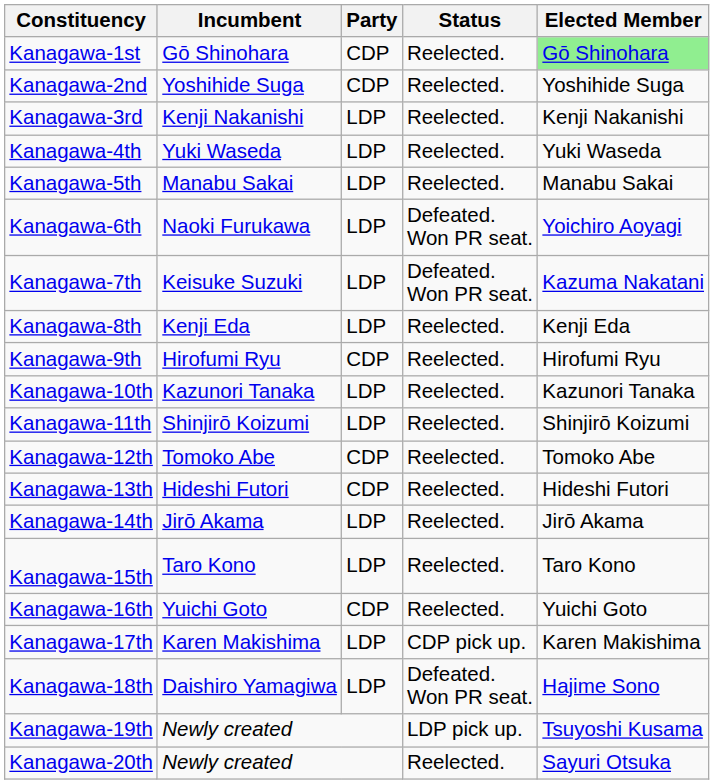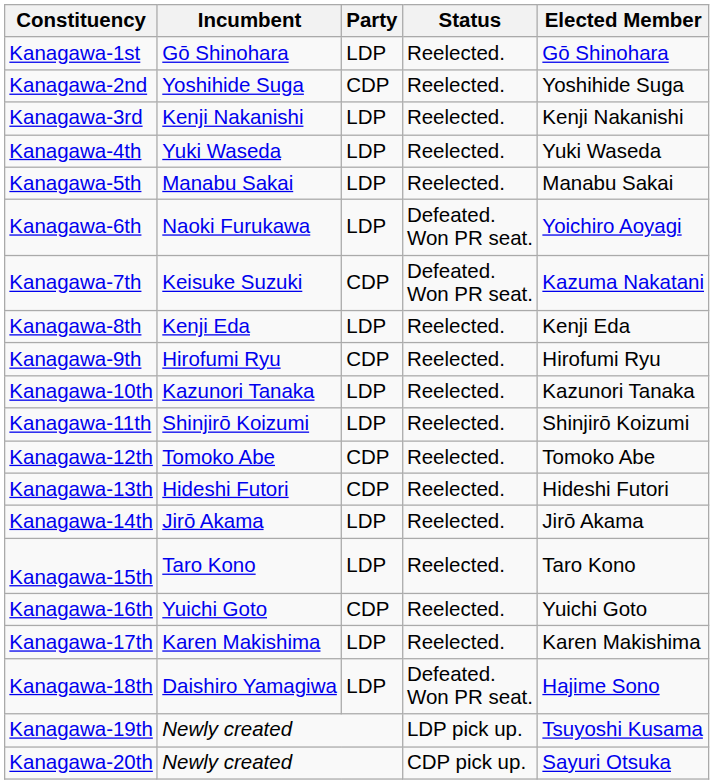 <table class="wikitable">
 <tr>
 <th>Constituency</th>
 <th>Incumbent</th>
 <th>Party</th>
 <th>Status</th>
 <th>Elected Member</th>
 </tr>
 <tr>
 <td><a href='#'>Kanagawa-1st</a></td>
 <td><a href='#'>Gō Shinohara</a></td>
-<td>CDP</td>
+<td>LDP</td>
 <td>Reelected.</td>
-<td style="background: lightgreen;"><a href='#'>Gō Shinohara</a></td>
+<td><a href='#'>Gō Shinohara</a></td>
 </tr>
 <tr>
 <td><a href='#'>Kanagawa-2nd</a></td>
 <td><a href='#'>Yoshihide Suga</a></td>
 <td>CDP</td>
 <td>Reelected.</td>
 <td>Yoshihide Suga</td>
 </tr>
 <tr>
 <td><a href='#'>Kanagawa-3rd</a></td>
 <td><a href='#'>Kenji Nakanishi</a></td>
 <td>LDP</td>
 <td>Reelected.</td>
 <td>Kenji Nakanishi</td>
 </tr>
 <tr>
 <td><a href='#'>Kanagawa-4th</a></td>
 <td><a href='#'>Yuki Waseda</a></td>
 <td>LDP</td>
 <td>Reelected.</td>
 <td>Yuki Waseda</td>
 </tr>
 <tr>
 <td><a href='#'>Kanagawa-5th</a></td>
 <td><a href='#'>Manabu Sakai</a></td>
 <td>LDP</td>
 <td>Reelected.</td>
 <td>Manabu Sakai</td>
 </tr>
 <tr>
 <td><a href='#'>Kanagawa-6th</a></td>
 <td><a href='#'>Naoki Furukawa</a></td>
 <td>LDP</td>
 <td>Defeated.<br>Won PR seat.</td>
 <td><a href='#'>Yoichiro Aoyagi</a></td>
 </tr>
 <tr>
 <td><a href='#'>Kanagawa-7th</a></td>
 <td><a href='#'>Keisuke Suzuki</a></td>
-<td>LDP</td>
+<td>CDP</td>
 <td>Defeated.<br>Won PR seat.</td>
 <td><a href='#'>Kazuma Nakatani</a></td>
 </tr>
 <tr>
 <td><a href='#'>Kanagawa-8th</a></td>
 <td><a href='#'>Kenji Eda</a></td>
 <td>LDP</td>
 <td>Reelected.</td>
 <td>Kenji Eda</td>
 </tr>
 <tr>
 <td><a href='#'>Kanagawa-9th</a></td>
 <td><a href='#'>Hirofumi Ryu</a></td>
 <td>CDP</td>
 <td>Reelected.</td>
 <td>Hirofumi Ryu</td>
 </tr>
 <tr>
 <td><a href='#'>Kanagawa-10th</a></td>
 <td><a href='#'>Kazunori Tanaka</a></td>
 <td>LDP</td>
 <td>Reelected.</td>
 <td>Kazunori Tanaka</td>
 </tr>
 <tr>
 <td><a href='#'>Kanagawa-11th</a></td>
 <td><a href='#'>Shinjirō Koizumi</a></td>
 <td>LDP</td>
 <td>Reelected.</td>
 <td>Shinjirō Koizumi</td>
 </tr>
 <tr>
 <td><a href='#'>Kanagawa-12th</a></td>
 <td><a href='#'>Tomoko Abe</a></td>
 <td>CDP</td>
 <td>Reelected.</td>
 <td>Tomoko Abe</td>
 </tr>
 <tr>
 <td><a href='#'>Kanagawa-13th</a></td>
 <td><a href='#'>Hideshi Futori</a></td>
 <td>CDP</td>
 <td>Reelected.</td>
 <td>Hideshi Futori</td>
 </tr>
 <tr>
 <td><a href='#'>Kanagawa-14th</a></td>
 <td><a href='#'>Jirō Akama</a></td>
 <td>LDP</td>
 <td>Reelected.</td>
 <td>Jirō Akama</td>
 </tr>
 <tr>
 <td><br><a href='#'>Kanagawa-15th</a></td>
 <td><a href='#'>Taro Kono</a></td>
 <td>LDP</td>
 <td>Reelected.</td>
 <td>Taro Kono</td>
 </tr>
 <tr>
 <td><a href='#'>Kanagawa-16th</a></td>
 <td><a href='#'>Yuichi Goto</a></td>
 <td>CDP</td>
 <td>Reelected.</td>
 <td>Yuichi Goto</td>
 </tr>
 <tr>
 <td><a href='#'>Kanagawa-17th</a></td>
 <td><a href='#'>Karen Makishima</a></td>
 <td>LDP</td>
-<td>CDP pick up.</td>
+<td>Reelected.</td>
 <td>Karen Makishima</td>
 </tr>
 <tr>
 <td><a href='#'>Kanagawa-18th</a></td>
 <td><a href='#'>Daishiro Yamagiwa</a></td>
 <td>LDP</td>
 <td>Defeated.<br>Won PR seat.</td>
 <td><a href='#'>Hajime Sono</a></td>
 </tr>
 <tr>
 <td><a href='#'>Kanagawa-19th</a></td>
 <td colspan=2><em>Newly created</em></td>
 <td>LDP pick up.</td>
 <td><a href='#'>Tsuyoshi Kusama</a></td>
 </tr>
 <tr>
 <td><a href='#'>Kanagawa-20th</a></td>
 <td colspan=2><em>Newly created</em></td>
-<td>Reelected.</td>
+<td>CDP pick up.</td>
 <td><a href='#'>Sayuri Otsuka</a></td>
 </tr>
 </table>
